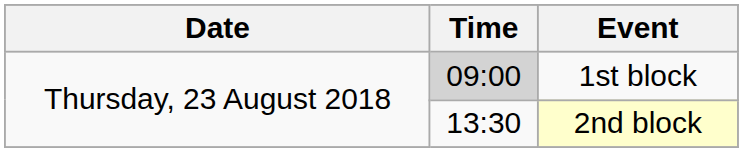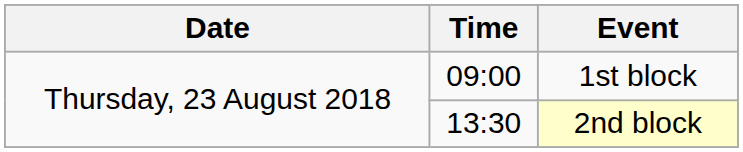 <table class = "wikitable" style="text-align:center;">
 <tr>
 <th width=220>Date</th>
 <th width=50>Time</th>
 <th width=100>Event</th>
 </tr>
 <tr>
 <td rowspan=2>Thursday, 23 August 2018</td>
-<td style="background: lightgrey;">09:00</td>
+<td>09:00</td>
 <td>1st block</td>
 </tr>
 <tr>
 <td>13:30</td>
 <td bgcolor=ffffcc>2nd block</td>
 </tr>
 </table>
